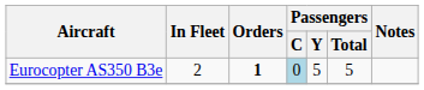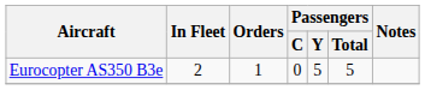 <table class="wikitable" style="border-collapse:collapse; text-align: center; margin:1em auto;">
 <tr>
 <th rowspan=2>Aircraft</th>
 <th rowspan=2>In Fleet</th>
 <th rowspan=2>Orders</th>
 <th colspan=3>Passengers</th>
 <th rowspan=2>Notes</th>
 </tr>
 <tr>
 <th><abbr>C</abbr></th>
 <th><abbr>Y</abbr></th>
 <th>Total</th>
 </tr>
 <tr>
 <td align=left><a href='#'>Eurocopter AS350 B3e</a></td>
 <td>2</td>
-<td><strong>1</strong></td>
-<td style="background: lightblue;">0</td>
+<td>1</td>
+<td>0</td>
 <td>5</td>
 <td>5</td>
 <td></td>
 </tr>
 <tr>
 </tr>
 </table>
